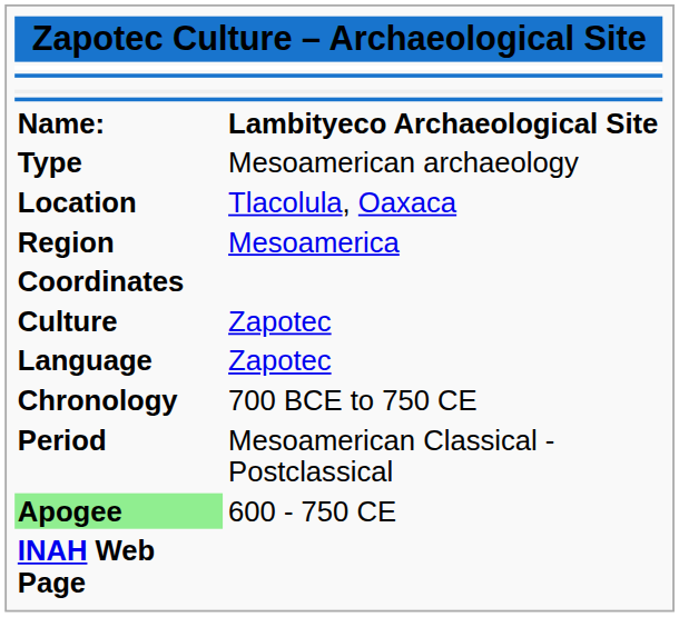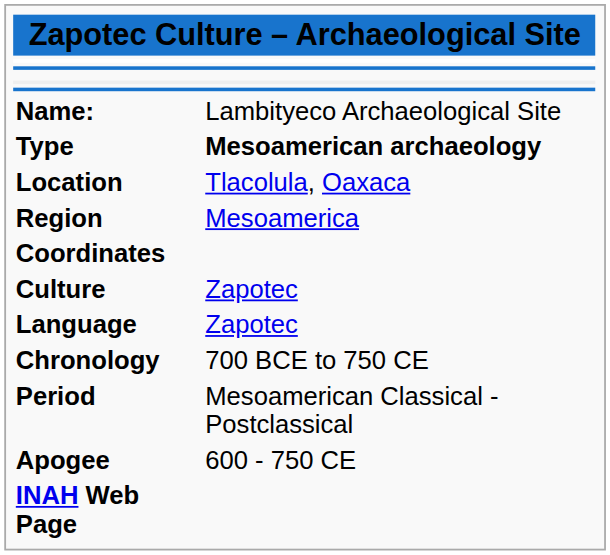 <table class="infobox" style="font-size:90%; text-align:left; width:23.5em">
 <tr>
 <td colspan="3" bgcolor=#1874CD style="text-align: center; font-size: larger;"><span><strong> Zapotec Culture – Archaeological Site</strong></span></td>
 </tr>
 <tr style="vertical-align: top; text-align: center;">
 <td colspan=3 bgcolor="#FFFFFF" align="center"></td>
 </tr>
 <tr>
 <td colspan="2" bgcolor=#1874CD></td>
 </tr>
 <tr>
 <td colspan=2></td>
 </tr>
 <tr>
 <td style="background:#efefef;"align="center" colspan="2"></td>
 </tr>
 <tr>
 <td colspan="2" bgcolor=#1874CD></td>
 </tr>
 <tr>
 <td><strong>Name:</strong></td>
-<td><strong><span> Lambityeco Archaeological Site</span></strong></td>
+<td><span> Lambityeco Archaeological Site</span></td>
 </tr>
 <tr>
 <td><strong>Type</strong></td>
-<td>Mesoamerican archaeology</td>
+<td><strong>Mesoamerican archaeology</strong></td>
 </tr>
 <tr>
 <td><strong>Location</strong></td>
 <td><a href='#'>Tlacolula</a>, <a href='#'>Oaxaca</a> <br></td>
 </tr>
 <tr>
 <td><strong>Region</strong></td>
 <td><a href='#'>Mesoamerica</a></td>
 </tr>
 <tr>
 <td><strong>Coordinates</strong></td>
 <td></td>
 </tr>
 <tr>
 <td><strong>Culture</strong></td>
 <td><a href='#'>Zapotec</a></td>
 </tr>
 <tr>
 <td><strong>Language</strong></td>
 <td><a href='#'>Zapotec</a></td>
 </tr>
 <tr>
 <td><strong>Chronology</strong></td>
 <td>700 BCE to 750 CE</td>
 </tr>
 <tr>
 <td><strong>Period</strong></td>
 <td>Mesoamerican Classical - Postclassical</td>
 </tr>
 <tr>
-<td style="background: lightgreen;"><strong>Apogee</strong></td>
+<td><strong>Apogee</strong></td>
 <td>600 - 750 CE</td>
 </tr>
 <tr>
 <td><strong><a href='#'>INAH</a> Web Page</strong></td>
 <td></td>
 </tr>
 </table>
